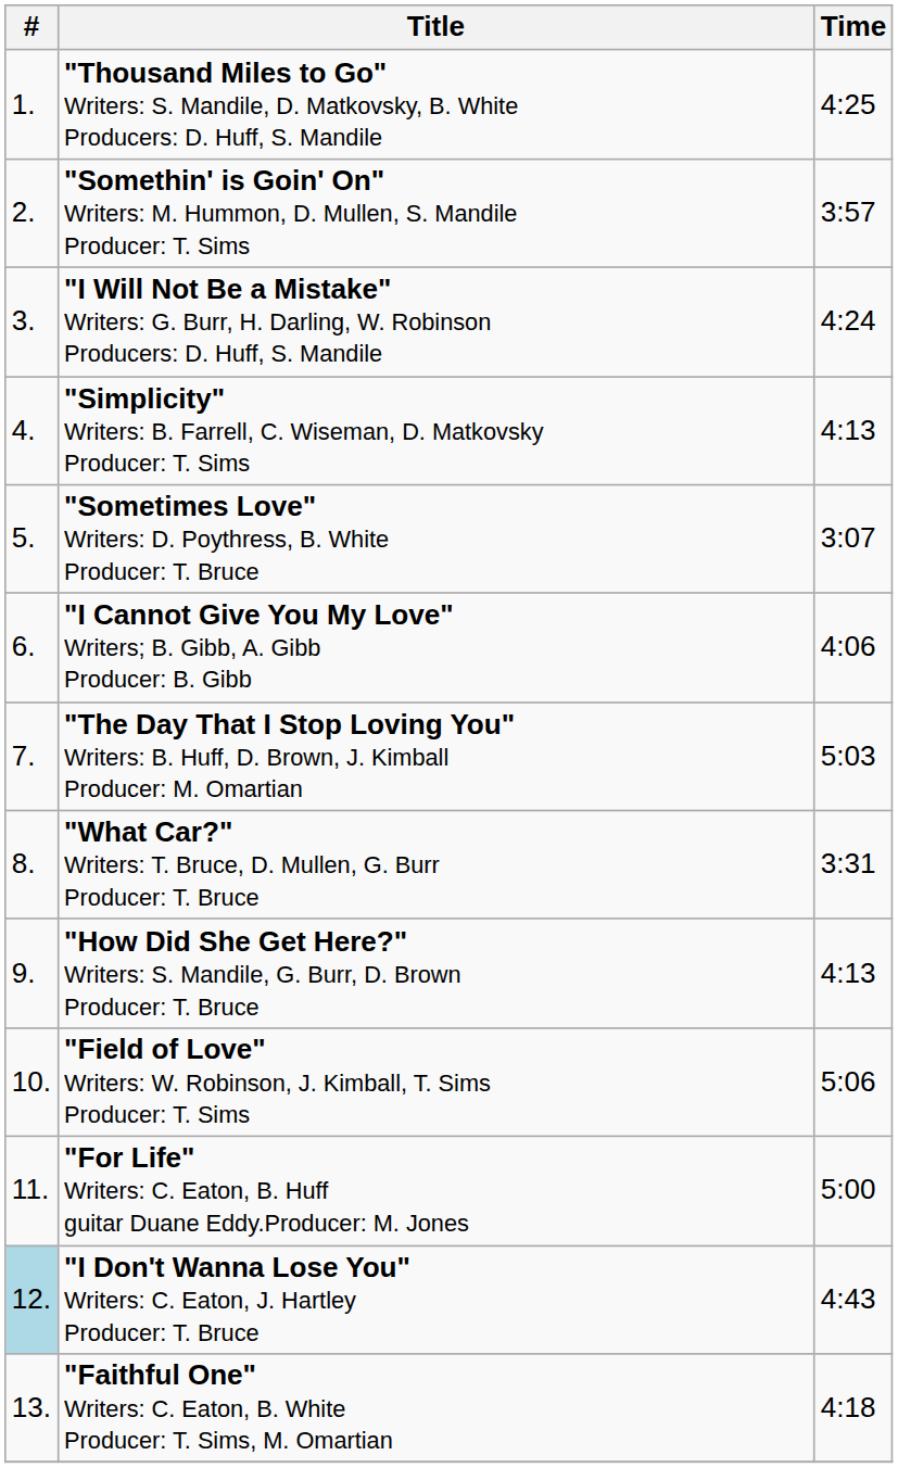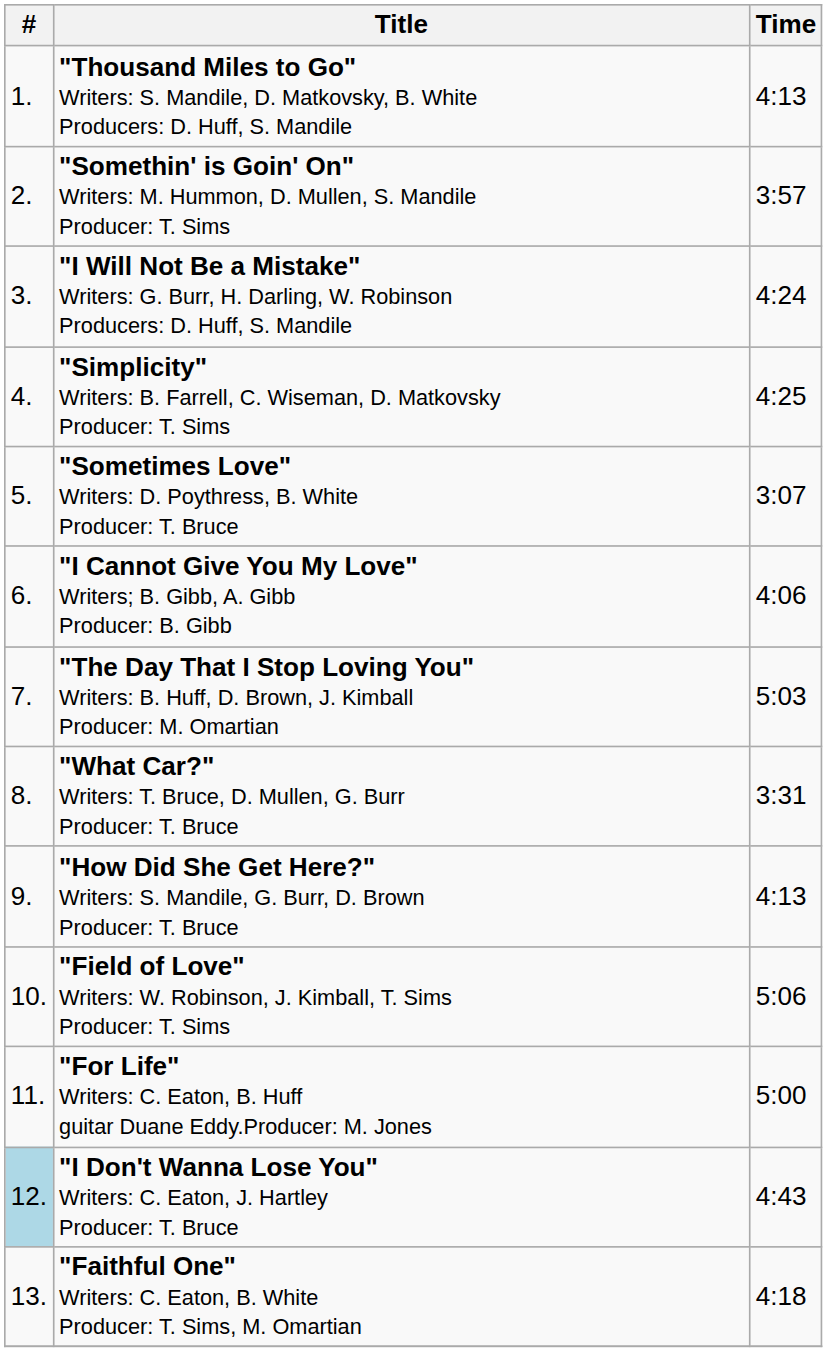 <table class="wikitable">
 <tr>
 <th>#</th>
 <th width="420">Title</th>
 <th>Time</th>
 </tr>
 <tr>
 <td>1.</td>
 <td><strong>"Thousand Miles to Go"</strong><br><small>Writers: S. Mandile, D. Matkovsky, B. White</small><br><small>Producers: D. Huff, S. Mandile</small></td>
-<td>4:25</td>
+<td>4:13</td>
 </tr>
 <tr>
 <td>2.</td>
 <td><strong>"Somethin' is Goin' On"</strong><br><small>Writers: M. Hummon, D. Mullen, S. Mandile</small><br><small>Producer: T. Sims</small></td>
 <td>3:57</td>
 </tr>
 <tr>
 <td>3.</td>
 <td><strong>"I Will Not Be a Mistake"</strong><br><small>Writers: G. Burr, H. Darling, W. Robinson</small><br><small>Producers: D. Huff, S. Mandile</small></td>
 <td>4:24</td>
 </tr>
 <tr>
 <td>4.</td>
 <td><strong>"Simplicity"</strong><br><small>Writers: B. Farrell, C. Wiseman, D. Matkovsky</small><br><small>Producer: T. Sims</small></td>
-<td>4:13</td>
+<td>4:25</td>
 </tr>
 <tr>
 <td>5.</td>
 <td><strong>"Sometimes Love"</strong><br><small>Writers: D. Poythress, B. White</small><br><small>Producer: T. Bruce</small></td>
 <td>3:07</td>
 </tr>
 <tr>
 <td>6.</td>
 <td><strong>"I Cannot Give You My Love"</strong><br><small>Writers; B. Gibb, A. Gibb</small><br><small>Producer: B. Gibb</small></td>
 <td>4:06</td>
 </tr>
 <tr>
 <td>7.</td>
 <td><strong>"The Day That I Stop Loving You"</strong><br><small>Writers: B. Huff, D. Brown, J. Kimball</small><br><small>Producer: M. Omartian</small></td>
 <td>5:03</td>
 </tr>
 <tr>
 <td>8.</td>
 <td><strong>"What Car?"</strong><br><small>Writers: T. Bruce, D. Mullen, G. Burr</small><br><small>Producer: T. Bruce</small></td>
 <td>3:31</td>
 </tr>
 <tr>
 <td>9.</td>
 <td><strong>"How Did She Get Here?"</strong><br><small>Writers: S. Mandile, G. Burr, D. Brown</small><br><small>Producer: T. Bruce</small></td>
 <td>4:13</td>
 </tr>
 <tr>
 <td>10.</td>
 <td><strong>"Field of Love"</strong><br><small>Writers: W. Robinson, J. Kimball, T. Sims</small><br><small>Producer: T. Sims</small></td>
 <td>5:06</td>
 </tr>
 <tr>
 <td>11.</td>
 <td><strong>"For Life"</strong><br><small>Writers: C. Eaton, B. Huff</small><br><small>guitar Duane Eddy.Producer: M. Jones</small></td>
 <td>5:00</td>
 </tr>
 <tr>
 <td style="background: lightblue;">12.</td>
 <td><strong>"I Don't Wanna Lose You"</strong><br><small>Writers: C. Eaton, J. Hartley</small><br><small>Producer: T. Bruce</small></td>
 <td>4:43</td>
 </tr>
 <tr>
 <td>13.</td>
 <td><strong>"Faithful One"</strong><br><small>Writers: C. Eaton, B. White</small><br><small>Producer: T. Sims, M. Omartian</small></td>
 <td>4:18</td>
 </tr>
 <tr>
 </tr>
 </table>
